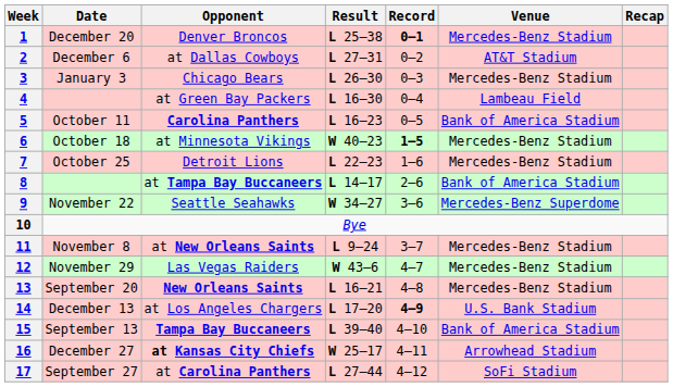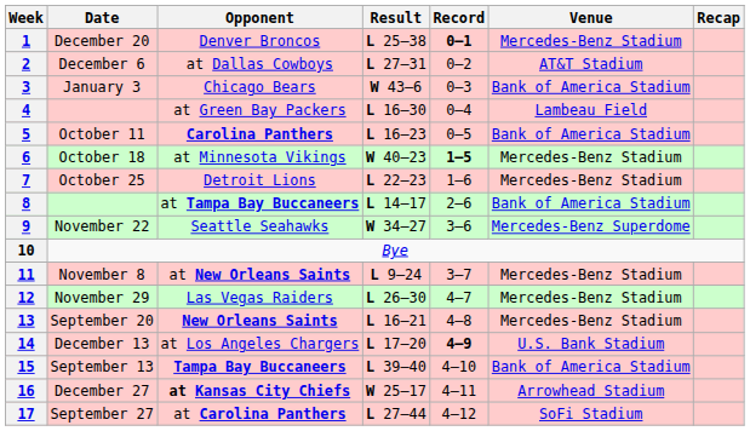 <table class="wikitable" style="text-align:center">
 <tr>
 <th>Week</th>
 <th>Date</th>
 <th>Opponent</th>
 <th>Result</th>
 <th>Record</th>
 <th>Venue</th>
 <th>Recap</th>
 </tr>
 <tr style="background:#fcc">
 <th><a href='#'>1</a></th>
 <td>December 20</td>
 <td><a href='#'>Denver Broncos</a></td>
 <td><strong>L</strong> 25–38</td>
 <td><strong>0–1</strong></td>
 <td><a href='#'>Mercedes-Benz Stadium</a></td>
 <td></td>
 </tr>
 <tr style="background:#fcc">
 <th><a href='#'>2</a></th>
 <td>December 6</td>
 <td>at <a href='#'>Dallas Cowboys</a></td>
 <td><strong>L</strong> 27–31</td>
 <td>0–2</td>
 <td><a href='#'>AT&T Stadium</a></td>
 <td></td>
 </tr>
 <tr style="background:#fcc">
 <th><a href='#'>3</a></th>
 <td>January 3</td>
 <td><a href='#'>Chicago Bears</a></td>
-<td><strong>L</strong> 26–30</td>
+<td><strong>W</strong> 43–6</td>
 <td>0–3</td>
-<td>Mercedes-Benz Stadium</td>
+<td><a href='#'>Bank of America Stadium</a></td>
 <td></td>
 </tr>
 <tr style="background:#fcc">
 <th><a href='#'>4</a></th>
 <td></td>
 <td>at <a href='#'>Green Bay Packers</a></td>
 <td><strong>L</strong> 16–30</td>
 <td>0–4</td>
 <td><a href='#'>Lambeau Field</a></td>
 <td></td>
 </tr>
 <tr style="background:#fcc">
 <th><a href='#'>5</a></th>
 <td>October 11</td>
 <td><strong><a href='#'>Carolina Panthers</a></strong></td>
 <td><strong>L</strong> 16–23</td>
 <td>0–5</td>
 <td><a href='#'>Bank of America Stadium</a></td>
 <td></td>
 </tr>
 <tr style="background:#cfc">
 <th><a href='#'>6</a></th>
 <td>October 18</td>
 <td>at <a href='#'>Minnesota Vikings</a></td>
 <td><strong>W</strong> 40–23</td>
 <td><strong>1–5</strong></td>
 <td>Mercedes-Benz Stadium</td>
 <td></td>
 </tr>
 <tr style="background:#fcc">
 <th><a href='#'>7</a></th>
 <td>October 25</td>
 <td><a href='#'>Detroit Lions</a></td>
 <td><strong>L</strong> 22–23</td>
 <td>1–6</td>
 <td>Mercedes-Benz Stadium</td>
 <td></td>
 </tr>
 <tr style="background:#cfc">
 <th><a href='#'>8</a></th>
 <td></td>
 <td>at <strong><a href='#'>Tampa Bay Buccaneers</a></strong></td>
 <td><strong>L</strong> 14–17</td>
 <td>2–6</td>
 <td><a href='#'>Bank of America Stadium</a></td>
 <td></td>
 </tr>
 <tr style="background:#cfc">
 <th><a href='#'>9</a></th>
 <td>November 22</td>
 <td><a href='#'>Seattle Seahawks</a></td>
 <td><strong>W</strong> 34–27</td>
 <td>3–6</td>
 <td><a href='#'>Mercedes-Benz Superdome</a></td>
 <td></td>
 </tr>
 <tr>
 <th>10</th>
 <td colspan="6"><em><a href='#'>Bye</a></em></td>
 </tr>
 <tr style="background:#fcc">
 <th><a href='#'>11</a></th>
 <td>November 8</td>
 <td>at <strong><a href='#'>New Orleans Saints</a></strong></td>
 <td><strong>L</strong> 9–24</td>
 <td>3–7</td>
 <td>Mercedes-Benz Stadium</td>
 <td></td>
 </tr>
 <tr style="background:#cfc">
 <th><a href='#'>12</a></th>
 <td>November 29</td>
 <td><a href='#'>Las Vegas Raiders</a></td>
-<td><strong>W</strong> 43–6</td>
+<td><strong>L</strong> 26–30</td>
 <td>4–7</td>
 <td>Mercedes-Benz Stadium</td>
 <td></td>
 </tr>
 <tr style="background:#fcc">
 <th><a href='#'>13</a></th>
 <td>September 20</td>
 <td><strong><a href='#'>New Orleans Saints</a></strong></td>
 <td><strong>L</strong> 16–21</td>
 <td>4–8</td>
 <td>Mercedes-Benz Stadium</td>
 <td></td>
 </tr>
 <tr style="background:#fcc">
 <th><a href='#'>14</a></th>
 <td>December 13</td>
 <td>at <a href='#'>Los Angeles Chargers</a></td>
 <td><strong>L</strong> 17–20</td>
 <td><strong>4–9</strong></td>
 <td><a href='#'>U.S. Bank Stadium</a></td>
 <td></td>
 </tr>
 <tr style="background:#fcc">
 <th><a href='#'>15</a></th>
 <td>September 13</td>
 <td><strong><a href='#'>Tampa Bay Buccaneers</a></strong></td>
 <td><strong>L</strong> 39–40</td>
 <td>4–10</td>
 <td><a href='#'>Bank of America Stadium</a></td>
 <td></td>
 </tr>
 <tr style="background:#fcc">
 <th><a href='#'>16</a></th>
 <td>December 27</td>
 <td><strong>at <a href='#'>Kansas City Chiefs</a></strong></td>
 <td><strong>W</strong> 25–17</td>
 <td>4–11</td>
 <td><a href='#'>Arrowhead Stadium</a></td>
 <td></td>
 </tr>
 <tr style="background:#fcc">
 <th><a href='#'>17</a></th>
 <td>September 27</td>
 <td>at <strong><a href='#'>Carolina Panthers</a></strong></td>
 <td><strong>L</strong> 27–44</td>
 <td>4–12</td>
 <td><a href='#'>SoFi Stadium</a></td>
 <td></td>
 </tr>
 </table>
